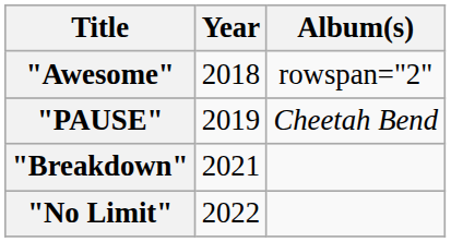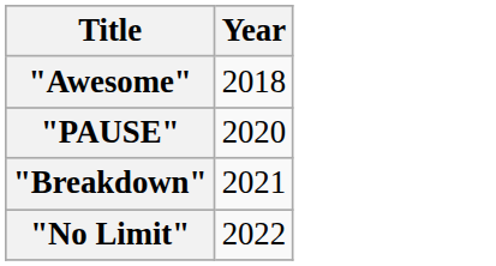 <table class="wikitable plainrowheaders" style="text-align:center">
 <tr>
 <th>Title</th>
 <th>Year</th>
-<th>Album(s)</th>
 </tr>
 <tr>
 <th scope="row">"Awesome"<br></th>
 <td>2018</td>
-<td>rowspan="2" </td>
 </tr>
 <tr>
 <th scope="row">"PAUSE"<br></th>
-<td>2019</td>
-<td><em>Cheetah Bend</em></td>
+<td>2020</td>
 </tr>
 <tr>
 <th scope="row">"Breakdown"<br></th>
 <td>2021</td>
-<td></td>
 </tr>
 <tr>
 <th scope="row">"No Limit"  <br></th>
 <td>2022</td>
-<td></td>
 </tr>
 </table>
